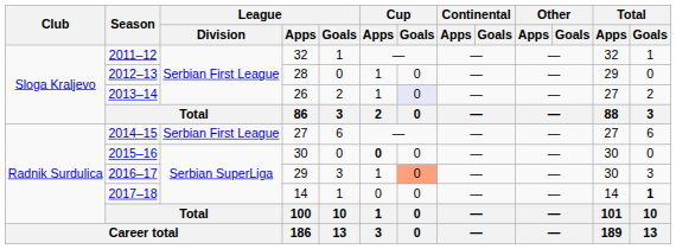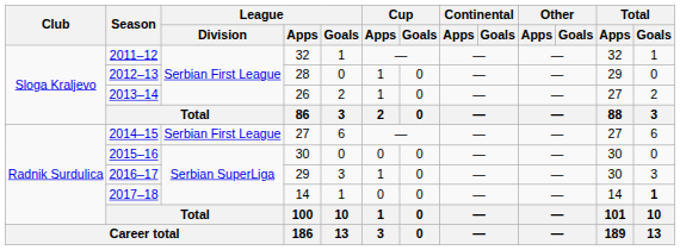 <table class="wikitable" style="text-align:center">
 <tr>
 <th rowspan="2">Club</th>
 <th rowspan="2">Season</th>
 <th colspan="3">League</th>
 <th colspan="2">Cup</th>
 <th colspan="2">Continental</th>
 <th colspan="2">Other</th>
 <th colspan="2">Total</th>
 </tr>
 <tr>
 <th>Division</th>
 <th>Apps</th>
 <th>Goals</th>
 <th>Apps</th>
 <th>Goals</th>
 <th>Apps</th>
 <th>Goals</th>
 <th>Apps</th>
 <th>Goals</th>
 <th>Apps</th>
 <th>Goals</th>
 </tr>
 <tr>
 <td rowspan="4"><a href='#'>Sloga Kraljevo</a></td>
 <td><a href='#'>2011–12</a></td>
 <td rowspan=3><a href='#'>Serbian First League</a></td>
 <td>32</td>
 <td>1</td>
 <td colspan="2">—</td>
 <td colspan="2">—</td>
 <td colspan="2">—</td>
 <td>32</td>
 <td>1</td>
 </tr>
 <tr>
 <td><a href='#'>2012–13</a></td>
 <td>28</td>
 <td>0</td>
 <td>1</td>
 <td>0</td>
 <td colspan="2">—</td>
 <td colspan="2">—</td>
 <td>29</td>
 <td>0</td>
 </tr>
 <tr>
 <td><a href='#'>2013–14</a></td>
 <td>26</td>
 <td>2</td>
 <td>1</td>
-<td style="background: lavender;">0</td>
+<td>0</td>
 <td colspan="2">—</td>
 <td colspan="2">—</td>
 <td>27</td>
 <td>2</td>
 </tr>
 <tr>
 <th colspan="2">Total</th>
 <th>86</th>
 <th>3</th>
 <th>2</th>
 <th>0</th>
 <th colspan="2">—</th>
 <th colspan="2">—</th>
 <th>88</th>
 <th>3</th>
 </tr>
 <tr>
 <td rowspan="5"><a href='#'>Radnik Surdulica</a></td>
 <td><a href='#'>2014–15</a></td>
 <td><a href='#'>Serbian First League</a></td>
 <td>27</td>
 <td>6</td>
 <td colspan="2">—</td>
 <td colspan="2">—</td>
 <td colspan="2">—</td>
 <td>27</td>
 <td>6</td>
 </tr>
 <tr>
 <td><a href='#'>2015–16</a></td>
 <td rowspan=3><a href='#'>Serbian SuperLiga</a></td>
 <td>30</td>
 <td>0</td>
-<td><strong>0</strong></td>
+<td>0</td>
 <td>0</td>
 <td colspan="2">—</td>
 <td colspan="2">—</td>
 <td>30</td>
 <td>0</td>
 </tr>
 <tr>
 <td><a href='#'>2016–17</a></td>
 <td>29</td>
 <td>3</td>
 <td>1</td>
-<td style="background: lightsalmon;">0</td>
+<td>0</td>
 <td colspan="2">—</td>
 <td colspan="2">—</td>
 <td>30</td>
 <td>3</td>
 </tr>
 <tr>
 <td><a href='#'>2017–18</a></td>
 <td>14</td>
 <td>1</td>
 <td>0</td>
 <td>0</td>
 <td colspan="2">—</td>
 <td colspan="2">—</td>
 <td>14</td>
 <td><strong>1</strong></td>
 </tr>
 <tr>
 <th colspan="2">Total</th>
 <th>100</th>
 <th>10</th>
 <th>1</th>
 <th>0</th>
 <th colspan="2">—</th>
 <th colspan="2">—</th>
 <th>101</th>
 <th>10</th>
 </tr>
 <tr>
 <th colspan="3">Career total</th>
 <th>186</th>
 <th>13</th>
 <th>3</th>
 <th>0</th>
 <th colspan="2">—</th>
 <th colspan="2">—</th>
 <th>189</th>
 <th>13</th>
 </tr>
 </table>
